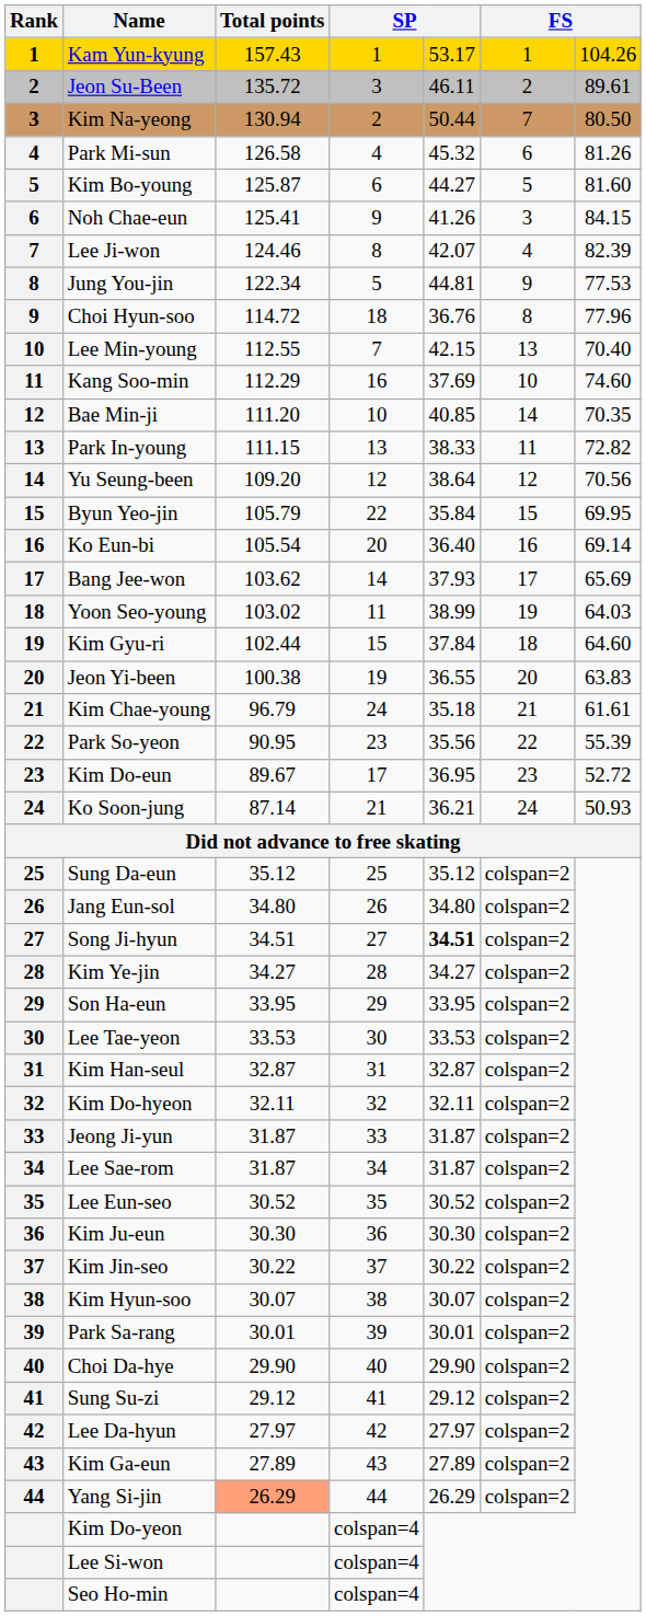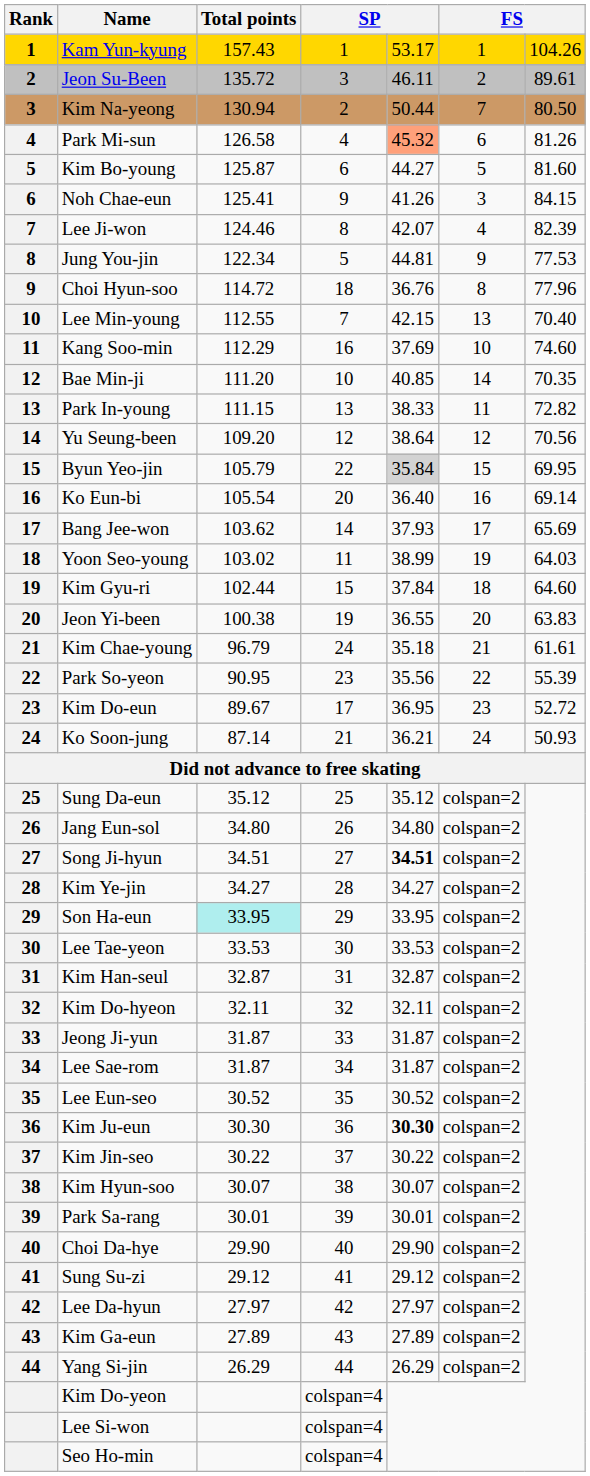 <table class="wikitable sortable">
 <tr>
 <th>Rank</th>
 <th>Name</th>
 <th>Total points</th>
 <th colspan="2" width="80px"><a href='#'>SP</a></th>
 <th colspan="2" width="80px"><a href='#'>FS</a></th>
 </tr>
 <tr bgcolor="gold">
 <td align="center"><strong>1</strong></td>
 <td><a href='#'>Kam Yun-kyung</a></td>
 <td align="center">157.43</td>
 <td align="center">1</td>
 <td align="center">53.17</td>
 <td align="center">1</td>
 <td align="center">104.26</td>
 </tr>
 <tr bgcolor="silver">
 <td align="center"><strong>2</strong></td>
 <td><a href='#'>Jeon Su-Been</a></td>
 <td align="center">135.72</td>
 <td align="center">3</td>
 <td align="center">46.11</td>
 <td align="center">2</td>
 <td align="center">89.61</td>
 </tr>
 <tr bgcolor="cc9966">
 <td align="center"><strong>3</strong></td>
 <td>Kim Na-yeong</td>
 <td align="center">130.94</td>
 <td align="center">2</td>
 <td align="center">50.44</td>
 <td align="center">7</td>
 <td align="center">80.50</td>
 </tr>
 <tr>
 <th>4</th>
 <td>Park Mi-sun</td>
 <td align="center">126.58</td>
 <td align="center">4</td>
-<td align="center">45.32</td>
+<td align="center" style="background: lightsalmon;">45.32</td>
 <td align="center">6</td>
 <td align="center">81.26</td>
 </tr>
 <tr>
 <th>5</th>
 <td>Kim Bo-young</td>
 <td align="center">125.87</td>
 <td align="center">6</td>
 <td align="center">44.27</td>
 <td align="center">5</td>
 <td align="center">81.60</td>
 </tr>
 <tr>
 <th>6</th>
 <td>Noh Chae-eun</td>
 <td align="center">125.41</td>
 <td align="center">9</td>
 <td align="center">41.26</td>
 <td align="center">3</td>
 <td align="center">84.15</td>
 </tr>
 <tr>
 <th>7</th>
 <td>Lee Ji-won</td>
 <td align="center">124.46</td>
 <td align="center">8</td>
 <td align="center">42.07</td>
 <td align="center">4</td>
 <td align="center">82.39</td>
 </tr>
 <tr>
 <th>8</th>
 <td>Jung You-jin</td>
 <td align="center">122.34</td>
 <td align="center">5</td>
 <td align="center">44.81</td>
 <td align="center">9</td>
 <td align="center">77.53</td>
 </tr>
 <tr>
 <th>9</th>
 <td>Choi Hyun-soo</td>
 <td align="center">114.72</td>
 <td align="center">18</td>
 <td align="center">36.76</td>
 <td align="center">8</td>
 <td align="center">77.96</td>
 </tr>
 <tr>
 <th>10</th>
 <td>Lee Min-young</td>
 <td align="center">112.55</td>
 <td align="center">7</td>
 <td align="center">42.15</td>
 <td align="center">13</td>
 <td align="center">70.40</td>
 </tr>
 <tr>
 <th>11</th>
 <td>Kang Soo-min</td>
 <td align="center">112.29</td>
 <td align="center">16</td>
 <td align="center">37.69</td>
 <td align="center">10</td>
 <td align="center">74.60</td>
 </tr>
 <tr>
 <th>12</th>
 <td>Bae Min-ji</td>
 <td align="center">111.20</td>
 <td align="center">10</td>
 <td align="center">40.85</td>
 <td align="center">14</td>
 <td align="center">70.35</td>
 </tr>
 <tr>
 <th>13</th>
 <td>Park In-young</td>
 <td align="center">111.15</td>
 <td align="center">13</td>
 <td align="center">38.33</td>
 <td align="center">11</td>
 <td align="center">72.82</td>
 </tr>
 <tr>
 <th>14</th>
 <td>Yu Seung-been</td>
 <td align="center">109.20</td>
 <td align="center">12</td>
 <td align="center">38.64</td>
 <td align="center">12</td>
 <td align="center">70.56</td>
 </tr>
 <tr>
 <th>15</th>
 <td>Byun Yeo-jin</td>
 <td align="center">105.79</td>
 <td align="center">22</td>
-<td align="center">35.84</td>
+<td align="center" style="background: lightgrey;">35.84</td>
 <td align="center">15</td>
 <td align="center">69.95</td>
 </tr>
 <tr>
 <th>16</th>
 <td>Ko Eun-bi</td>
 <td align="center">105.54</td>
 <td align="center">20</td>
 <td align="center">36.40</td>
 <td align="center">16</td>
 <td align="center">69.14</td>
 </tr>
 <tr>
 <th>17</th>
 <td>Bang Jee-won</td>
 <td align="center">103.62</td>
 <td align="center">14</td>
 <td align="center">37.93</td>
 <td align="center">17</td>
 <td align="center">65.69</td>
 </tr>
 <tr>
 <th>18</th>
 <td>Yoon Seo-young</td>
 <td align="center">103.02</td>
 <td align="center">11</td>
 <td align="center">38.99</td>
 <td align="center">19</td>
 <td align="center">64.03</td>
 </tr>
 <tr>
 <th>19</th>
 <td>Kim Gyu-ri</td>
 <td align="center">102.44</td>
 <td align="center">15</td>
 <td align="center">37.84</td>
 <td align="center">18</td>
 <td align="center">64.60</td>
 </tr>
 <tr>
 <th>20</th>
 <td>Jeon Yi-been</td>
 <td align="center">100.38</td>
 <td align="center">19</td>
 <td align="center">36.55</td>
 <td align="center">20</td>
 <td align="center">63.83</td>
 </tr>
 <tr>
 <th>21</th>
 <td>Kim Chae-young</td>
 <td align="center">96.79</td>
 <td align="center">24</td>
 <td align="center">35.18</td>
 <td align="center">21</td>
 <td align="center">61.61</td>
 </tr>
 <tr>
 <th>22</th>
 <td>Park So-yeon</td>
 <td align="center">90.95</td>
 <td align="center">23</td>
 <td align="center">35.56</td>
 <td align="center">22</td>
 <td align="center">55.39</td>
 </tr>
 <tr>
 <th>23</th>
 <td>Kim Do-eun</td>
 <td align="center">89.67</td>
 <td align="center">17</td>
 <td align="center">36.95</td>
 <td align="center">23</td>
 <td align="center">52.72</td>
 </tr>
 <tr>
 <th>24</th>
 <td>Ko Soon-jung</td>
 <td align="center">87.14</td>
 <td align="center">21</td>
 <td align="center">36.21</td>
 <td align="center">24</td>
 <td align="center">50.93</td>
 </tr>
 <tr>
 <th colspan=7>Did not advance to free skating</th>
 </tr>
 <tr>
 <th>25</th>
 <td>Sung Da-eun</td>
 <td align="center">35.12</td>
 <td align="center">25</td>
 <td align="center">35.12</td>
 <td>colspan=2 </td>
 </tr>
 <tr>
 <th>26</th>
 <td>Jang Eun-sol</td>
 <td align="center">34.80</td>
 <td align="center">26</td>
 <td align="center">34.80</td>
 <td>colspan=2 </td>
 </tr>
 <tr>
 <th>27</th>
 <td>Song Ji-hyun</td>
 <td align="center">34.51</td>
 <td align="center">27</td>
 <td align="center"><strong>34.51</strong></td>
 <td>colspan=2 </td>
 </tr>
 <tr>
 <th>28</th>
 <td>Kim Ye-jin</td>
 <td align="center">34.27</td>
 <td align="center">28</td>
 <td align="center">34.27</td>
 <td>colspan=2 </td>
 </tr>
 <tr>
 <th>29</th>
 <td>Son Ha-eun</td>
-<td align="center">33.95</td>
+<td align="center" style="background: paleturquoise;">33.95</td>
 <td align="center">29</td>
 <td align="center">33.95</td>
 <td>colspan=2 </td>
 </tr>
 <tr>
 <th>30</th>
 <td>Lee Tae-yeon</td>
 <td align="center">33.53</td>
 <td align="center">30</td>
 <td align="center">33.53</td>
 <td>colspan=2 </td>
 </tr>
 <tr>
 <th>31</th>
 <td>Kim Han-seul</td>
 <td align="center">32.87</td>
 <td align="center">31</td>
 <td align="center">32.87</td>
 <td>colspan=2 </td>
 </tr>
 <tr>
 <th>32</th>
 <td>Kim Do-hyeon</td>
 <td align="center">32.11</td>
 <td align="center">32</td>
 <td align="center">32.11</td>
 <td>colspan=2 </td>
 </tr>
 <tr>
 <th>33</th>
 <td>Jeong Ji-yun</td>
 <td align="center">31.87</td>
 <td align="center">33</td>
 <td align="center">31.87</td>
 <td>colspan=2 </td>
 </tr>
 <tr>
 <th>34</th>
 <td>Lee Sae-rom</td>
 <td align="center">31.87</td>
 <td align="center">34</td>
 <td align="center">31.87</td>
 <td>colspan=2 </td>
 </tr>
 <tr>
 <th>35</th>
 <td>Lee Eun-seo</td>
 <td align="center">30.52</td>
 <td align="center">35</td>
 <td align="center">30.52</td>
 <td>colspan=2 </td>
 </tr>
 <tr>
 <th>36</th>
 <td>Kim Ju-eun</td>
 <td align="center">30.30</td>
 <td align="center">36</td>
-<td align="center">30.30</td>
+<td align="center"><strong>30.30</strong></td>
 <td>colspan=2 </td>
 </tr>
 <tr>
 <th>37</th>
 <td>Kim Jin-seo</td>
 <td align="center">30.22</td>
 <td align="center">37</td>
 <td align="center">30.22</td>
 <td>colspan=2 </td>
 </tr>
 <tr>
 <th>38</th>
 <td>Kim Hyun-soo</td>
 <td align="center">30.07</td>
 <td align="center">38</td>
 <td align="center">30.07</td>
 <td>colspan=2 </td>
 </tr>
 <tr>
 <th>39</th>
 <td>Park Sa-rang</td>
 <td align="center">30.01</td>
 <td align="center">39</td>
 <td align="center">30.01</td>
 <td>colspan=2 </td>
 </tr>
 <tr>
 <th>40</th>
 <td>Choi Da-hye</td>
 <td align="center">29.90</td>
 <td align="center">40</td>
 <td align="center">29.90</td>
 <td>colspan=2 </td>
 </tr>
 <tr>
 <th>41</th>
 <td>Sung Su-zi</td>
 <td align="center">29.12</td>
 <td align="center">41</td>
 <td align="center">29.12</td>
 <td>colspan=2 </td>
 </tr>
 <tr>
 <th>42</th>
 <td>Lee Da-hyun</td>
 <td align="center">27.97</td>
 <td align="center">42</td>
 <td align="center">27.97</td>
 <td>colspan=2 </td>
 </tr>
 <tr>
 <th>43</th>
 <td>Kim Ga-eun</td>
 <td align="center">27.89</td>
 <td align="center">43</td>
 <td align="center">27.89</td>
 <td>colspan=2 </td>
 </tr>
 <tr>
 <th>44</th>
 <td>Yang Si-jin</td>
-<td align="center" style="background: lightsalmon;">26.29</td>
+<td align="center">26.29</td>
 <td align="center">44</td>
 <td align="center">26.29</td>
 <td>colspan=2 </td>
 </tr>
 <tr>
 <th></th>
 <td>Kim Do-yeon</td>
 <td></td>
 <td>colspan=4 </td>
 </tr>
 <tr>
 <th></th>
 <td>Lee Si-won</td>
 <td></td>
 <td>colspan=4 </td>
 </tr>
 <tr>
 <th></th>
 <td>Seo Ho-min</td>
 <td></td>
 <td>colspan=4 </td>
 </tr>
 </table>
